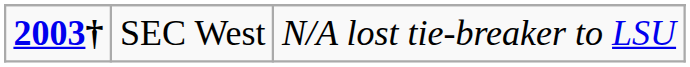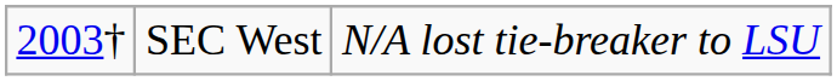 <table class="wikitable">
 <tr>
 </tr>
 <tr>
-<td><strong><a href='#'>2003</a>†</strong></td>
+<td><a href='#'>2003</a>†</td>
 <td>SEC West</td>
 <td colspan="2"><em>N/A lost tie-breaker to <a href='#'>LSU</a></em></td>
 </tr>
 </table>
